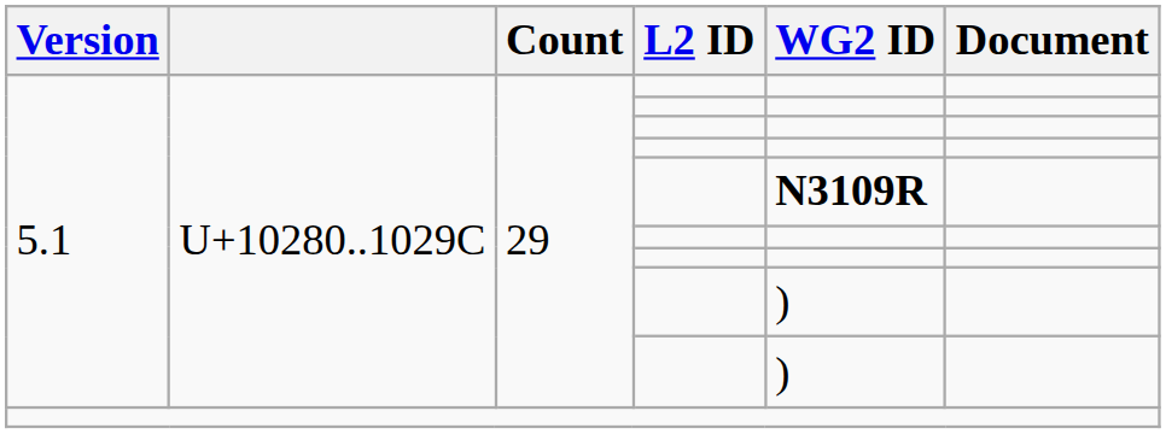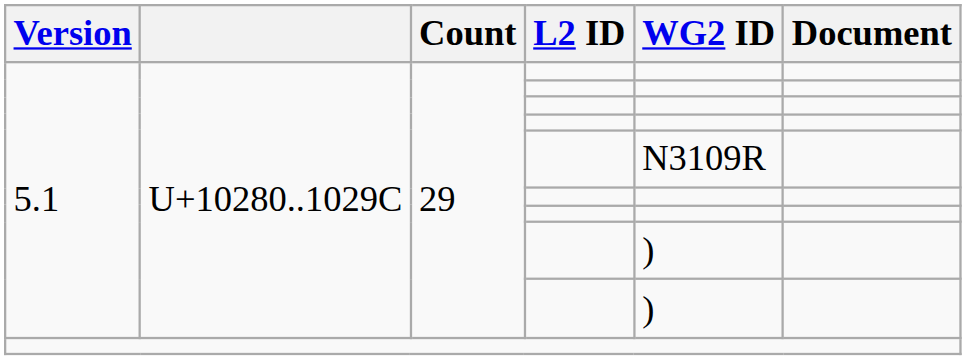 <table class="wikitable collapsible sticky-header">
 <tr>
 <th><a href='#'>Version</a></th>
 <th></th>
 <th>Count</th>
 <th><a href='#'>L2</a> ID</th>
 <th><a href='#'>WG2</a> ID</th>
 <th>Document</th>
 </tr>
 <tr>
 <td rowspan="9">5.1</td>
 <td rowspan="9">U+10280..1029C</td>
 <td rowspan="9">29</td>
 <td></td>
 <td></td>
 <td></td>
 </tr>
 <tr>
 <td></td>
 <td></td>
 <td></td>
 </tr>
 <tr>
 <td></td>
 <td></td>
 <td></td>
 </tr>
 <tr>
 <td></td>
 <td></td>
 <td></td>
 </tr>
 <tr>
 <td></td>
-<td><strong>N3109R</strong></td>
+<td>N3109R</td>
 <td></td>
 </tr>
 <tr>
 <td></td>
 <td></td>
 <td></td>
 </tr>
 <tr>
 <td></td>
 <td></td>
 <td></td>
 </tr>
 <tr>
 <td></td>
 <td> )</td>
 <td></td>
 </tr>
 <tr>
 <td></td>
 <td> )</td>
 <td></td>
 </tr>
 <tr class="sortbottom">
 <td colspan="6"></td>
 </tr>
 </table>
